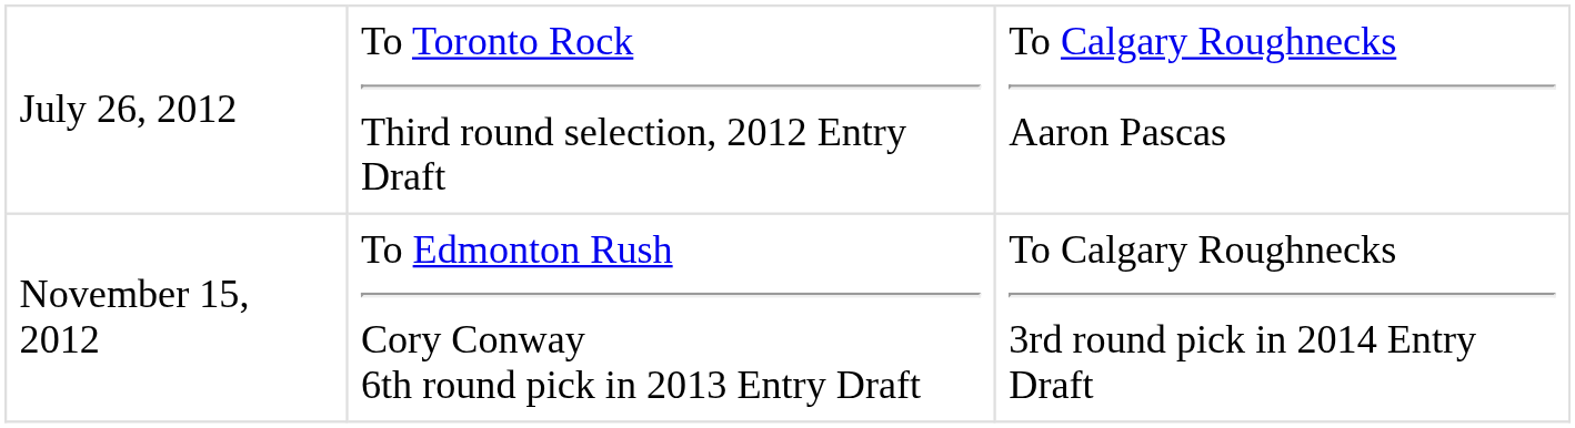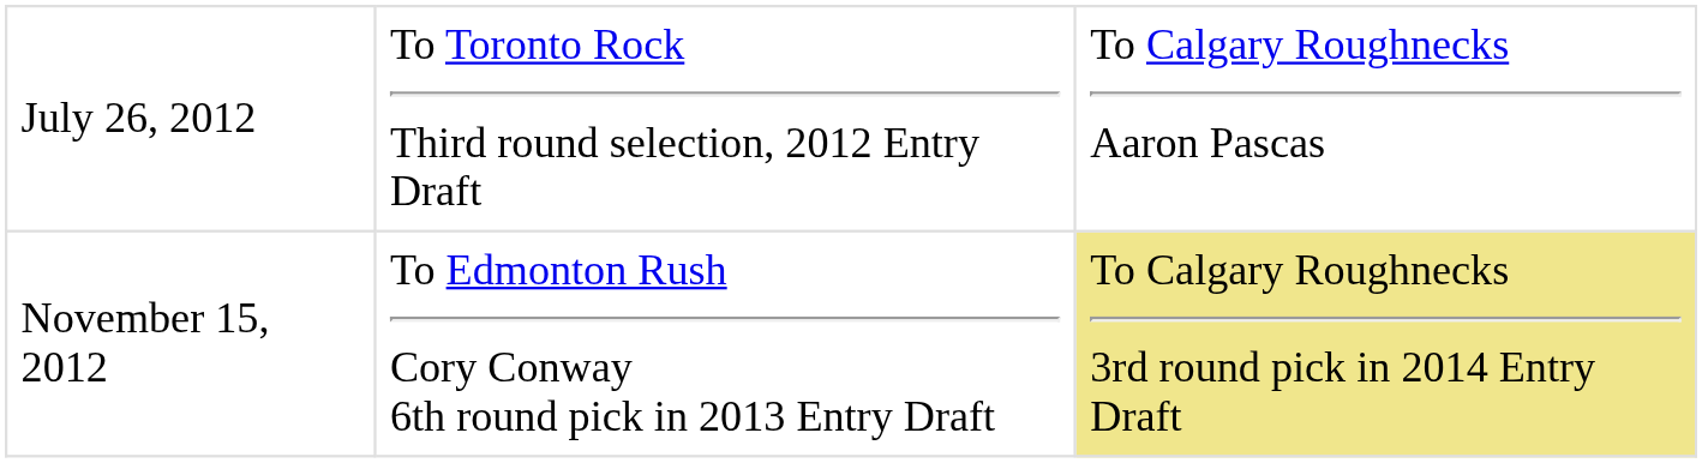 <table border=1 style="border-collapse:collapse" bordercolor="#DFDFDF"  cellpadding="5">
 <tr>
 <td>July 26, 2012<br></td>
 <td valign="top">To <a href='#'>Toronto Rock</a> <hr>Third round selection, 2012 Entry Draft</td>
 <td valign="top">To <a href='#'>Calgary Roughnecks</a> <hr>Aaron Pascas</td>
 </tr>
 <tr>
 <td>November 15, 2012</td>
 <td valign="top">To <a href='#'>Edmonton Rush</a><hr>Cory Conway<br>6th round pick in 2013 Entry Draft</td>
-<td valign="top">To Calgary Roughnecks<hr>3rd round pick in 2014 Entry Draft</td>
+<td valign="top" style="background: khaki;">To Calgary Roughnecks<hr>3rd round pick in 2014 Entry Draft</td>
 </tr>
 </table>
